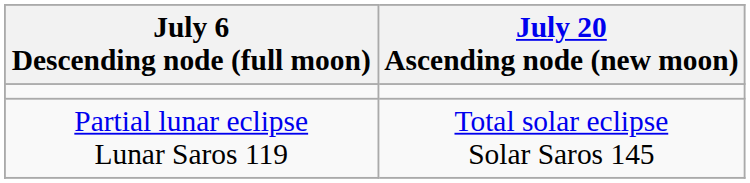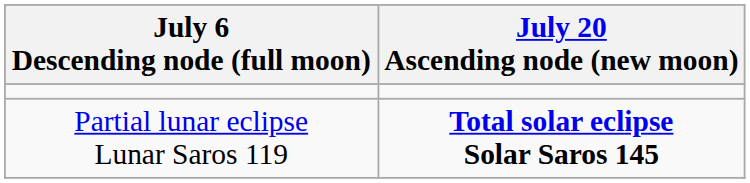 <table class="wikitable">
 <tr>
 <th>July 6<br>Descending node (full moon)</th>
 <th><a href='#'>July 20</a><br>Ascending node (new moon)<br></th>
 </tr>
 <tr>
 <td></td>
 <td></td>
 </tr>
 <tr align=center>
 <td><a href='#'>Partial lunar eclipse</a><br>Lunar Saros 119</td>
-<td><a href='#'>Total solar eclipse</a><br>Solar Saros 145</td>
+<td><strong><a href='#'>Total solar eclipse</a><br>Solar Saros 145</strong></td>
 </tr>
 </table>
